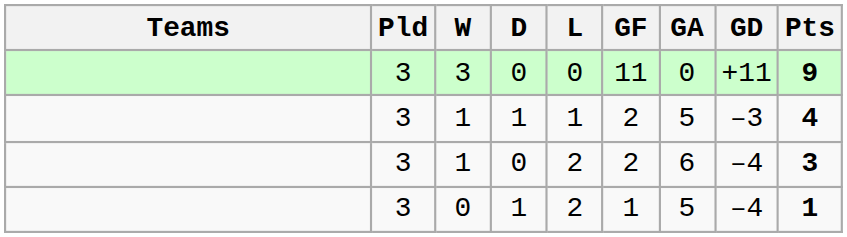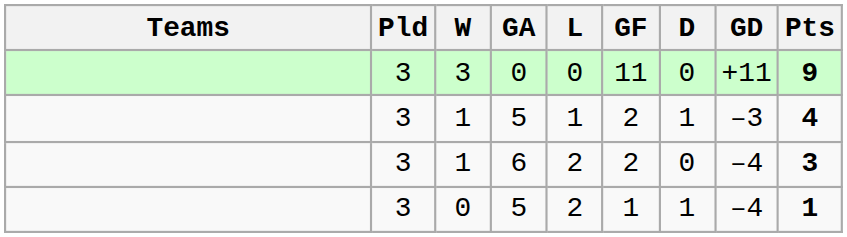 <table class="wikitable" style="text-align: center;">
 <tr>
 <th width=165>Teams</th>
 <th width=20>Pld</th>
 <th width=20>W</th>
-<th width=20>D</th>
+<th width=20>GA</th>
 <th width=20>L</th>
 <th width=20>GF</th>
-<th width=20>GA</th>
+<th width=20>D</th>
 <th width=20>GD</th>
 <th width=20>Pts</th>
 </tr>
 <tr align=center style="background:#ccffcc;">
 <td style="text-align:left;"></td>
 <td>3</td>
 <td>3</td>
 <td>0</td>
 <td>0</td>
 <td>11</td>
 <td>0</td>
 <td>+11</td>
 <td><strong>9</strong></td>
 </tr>
 <tr align=center>
 <td style="text-align:left;"></td>
 <td>3</td>
 <td>1</td>
-<td>1</td>
+<td>5</td>
 <td>1</td>
 <td>2</td>
-<td>5</td>
+<td>1</td>
 <td>–3</td>
 <td><strong>4</strong></td>
 </tr>
 <tr align=center>
 <td style="text-align:left;"></td>
 <td>3</td>
 <td>1</td>
-<td>0</td>
+<td>6</td>
 <td>2</td>
 <td>2</td>
-<td>6</td>
+<td>0</td>
 <td>–4</td>
 <td><strong>3</strong></td>
 </tr>
 <tr align=center>
 <td style="text-align:left;"></td>
 <td>3</td>
 <td>0</td>
-<td>1</td>
+<td>5</td>
 <td>2</td>
 <td>1</td>
-<td>5</td>
+<td>1</td>
 <td>–4</td>
 <td><strong>1</strong></td>
 </tr>
 </table>
